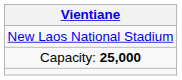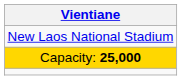 <table class="wikitable" style="text-align:center">
 <tr>
 <th> <a href='#'>Vientiane</a></th>
 </tr>
 <tr>
 <td><a href='#'>New Laos National Stadium</a></td>
 </tr>
 <tr>
-<td>Capacity: <strong>25,000</strong></td>
+<td style="background: gold;">Capacity: <strong>25,000</strong></td>
 </tr>
 <tr>
 <td></td>
 </tr>
 </table>
